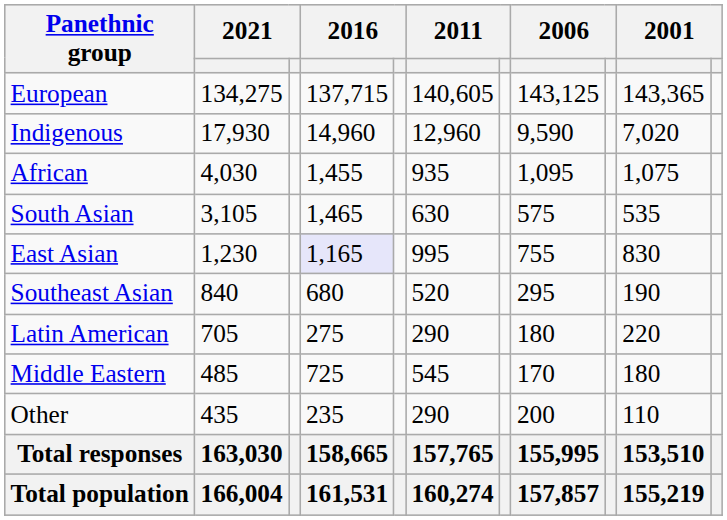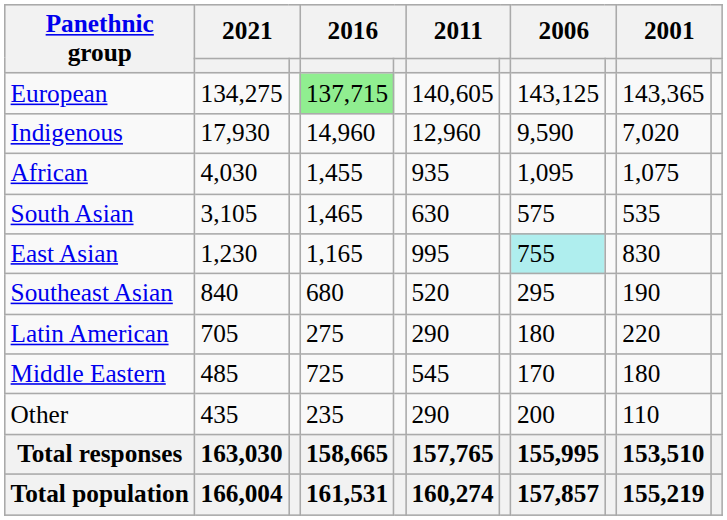 <table class="wikitable collapsible sortable">
 <tr>
 <th rowspan="2"><a href='#'>Panethnic</a><br>group</th>
 <th colspan="2">2021</th>
 <th colspan="2">2016</th>
 <th colspan="2">2011</th>
 <th colspan="2">2006</th>
 <th colspan="2">2001</th>
 </tr>
 <tr>
 <th><a href='#'></a></th>
 <th></th>
 <th></th>
 <th></th>
 <th></th>
 <th></th>
 <th></th>
 <th></th>
 <th></th>
 <th></th>
 </tr>
 <tr>
 <td><a href='#'>European</a></td>
 <td>134,275</td>
 <td></td>
-<td>137,715</td>
+<td style="background: lightgreen;">137,715</td>
 <td></td>
 <td>140,605</td>
 <td></td>
 <td>143,125</td>
 <td></td>
 <td>143,365</td>
 <td></td>
 </tr>
 <tr>
 <td><a href='#'>Indigenous</a></td>
 <td>17,930</td>
 <td></td>
 <td>14,960</td>
 <td></td>
 <td>12,960</td>
 <td></td>
 <td>9,590</td>
 <td></td>
 <td>7,020</td>
 <td></td>
 </tr>
 <tr>
 <td><a href='#'>African</a></td>
 <td>4,030</td>
 <td></td>
 <td>1,455</td>
 <td></td>
 <td>935</td>
 <td></td>
 <td>1,095</td>
 <td></td>
 <td>1,075</td>
 <td></td>
 </tr>
 <tr>
 <td><a href='#'>South Asian</a></td>
 <td>3,105</td>
 <td></td>
 <td>1,465</td>
 <td></td>
 <td>630</td>
 <td></td>
 <td>575</td>
 <td></td>
 <td>535</td>
 <td></td>
 </tr>
 <tr>
 <td><a href='#'>East Asian</a></td>
 <td>1,230</td>
 <td></td>
-<td style="background: lavender;">1,165</td>
+<td>1,165</td>
 <td></td>
 <td>995</td>
 <td></td>
-<td>755</td>
+<td style="background: paleturquoise;">755</td>
 <td></td>
 <td>830</td>
 <td></td>
 </tr>
 <tr>
 <td><a href='#'>Southeast Asian</a></td>
 <td>840</td>
 <td></td>
 <td>680</td>
 <td></td>
 <td>520</td>
 <td></td>
 <td>295</td>
 <td></td>
 <td>190</td>
 <td></td>
 </tr>
 <tr>
 <td><a href='#'>Latin American</a></td>
 <td>705</td>
 <td></td>
 <td>275</td>
 <td></td>
 <td>290</td>
 <td></td>
 <td>180</td>
 <td></td>
 <td>220</td>
 <td></td>
 </tr>
 <tr>
 <td><a href='#'>Middle Eastern</a></td>
 <td>485</td>
 <td></td>
 <td>725</td>
 <td></td>
 <td>545</td>
 <td></td>
 <td>170</td>
 <td></td>
 <td>180</td>
 <td></td>
 </tr>
 <tr>
 <td>Other</td>
 <td>435</td>
 <td></td>
 <td>235</td>
 <td></td>
 <td>290</td>
 <td></td>
 <td>200</td>
 <td></td>
 <td>110</td>
 <td></td>
 </tr>
 <tr>
 <th>Total responses</th>
 <th>163,030</th>
 <th></th>
 <th>158,665</th>
 <th></th>
 <th>157,765</th>
 <th></th>
 <th>155,995</th>
 <th></th>
 <th>153,510</th>
 <th></th>
 </tr>
 <tr>
 <th>Total population</th>
 <th>166,004</th>
 <th></th>
 <th>161,531</th>
 <th></th>
 <th>160,274</th>
 <th></th>
 <th>157,857</th>
 <th></th>
 <th>155,219</th>
 <th></th>
 </tr>
 </table>
